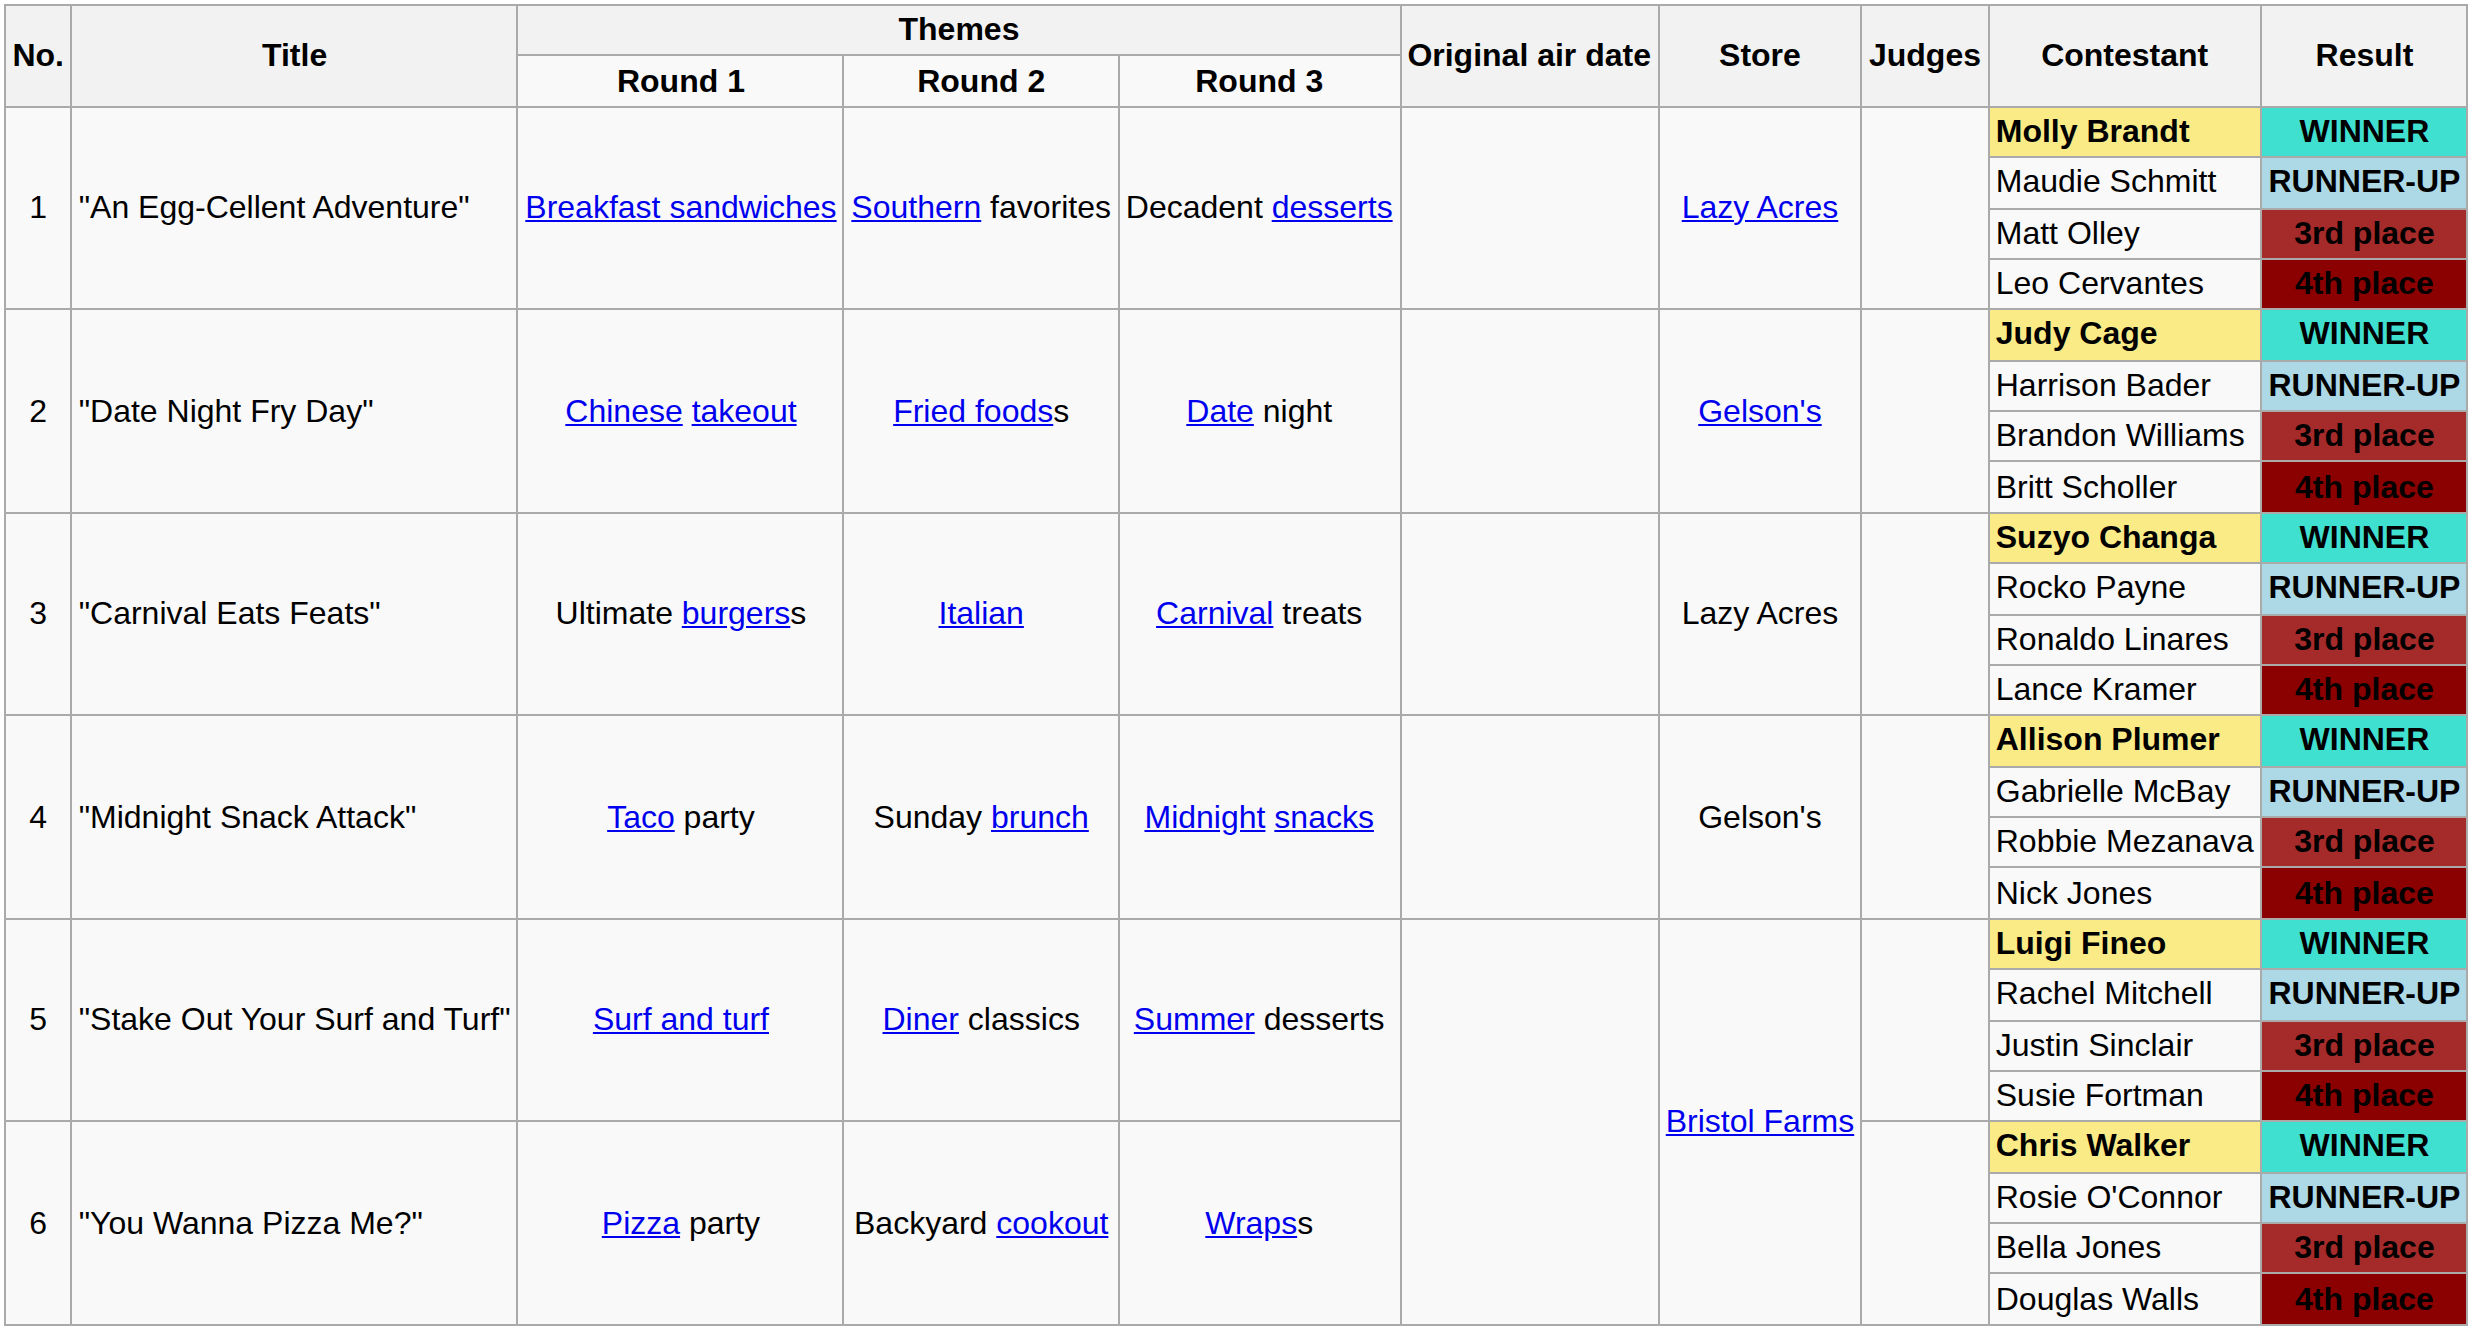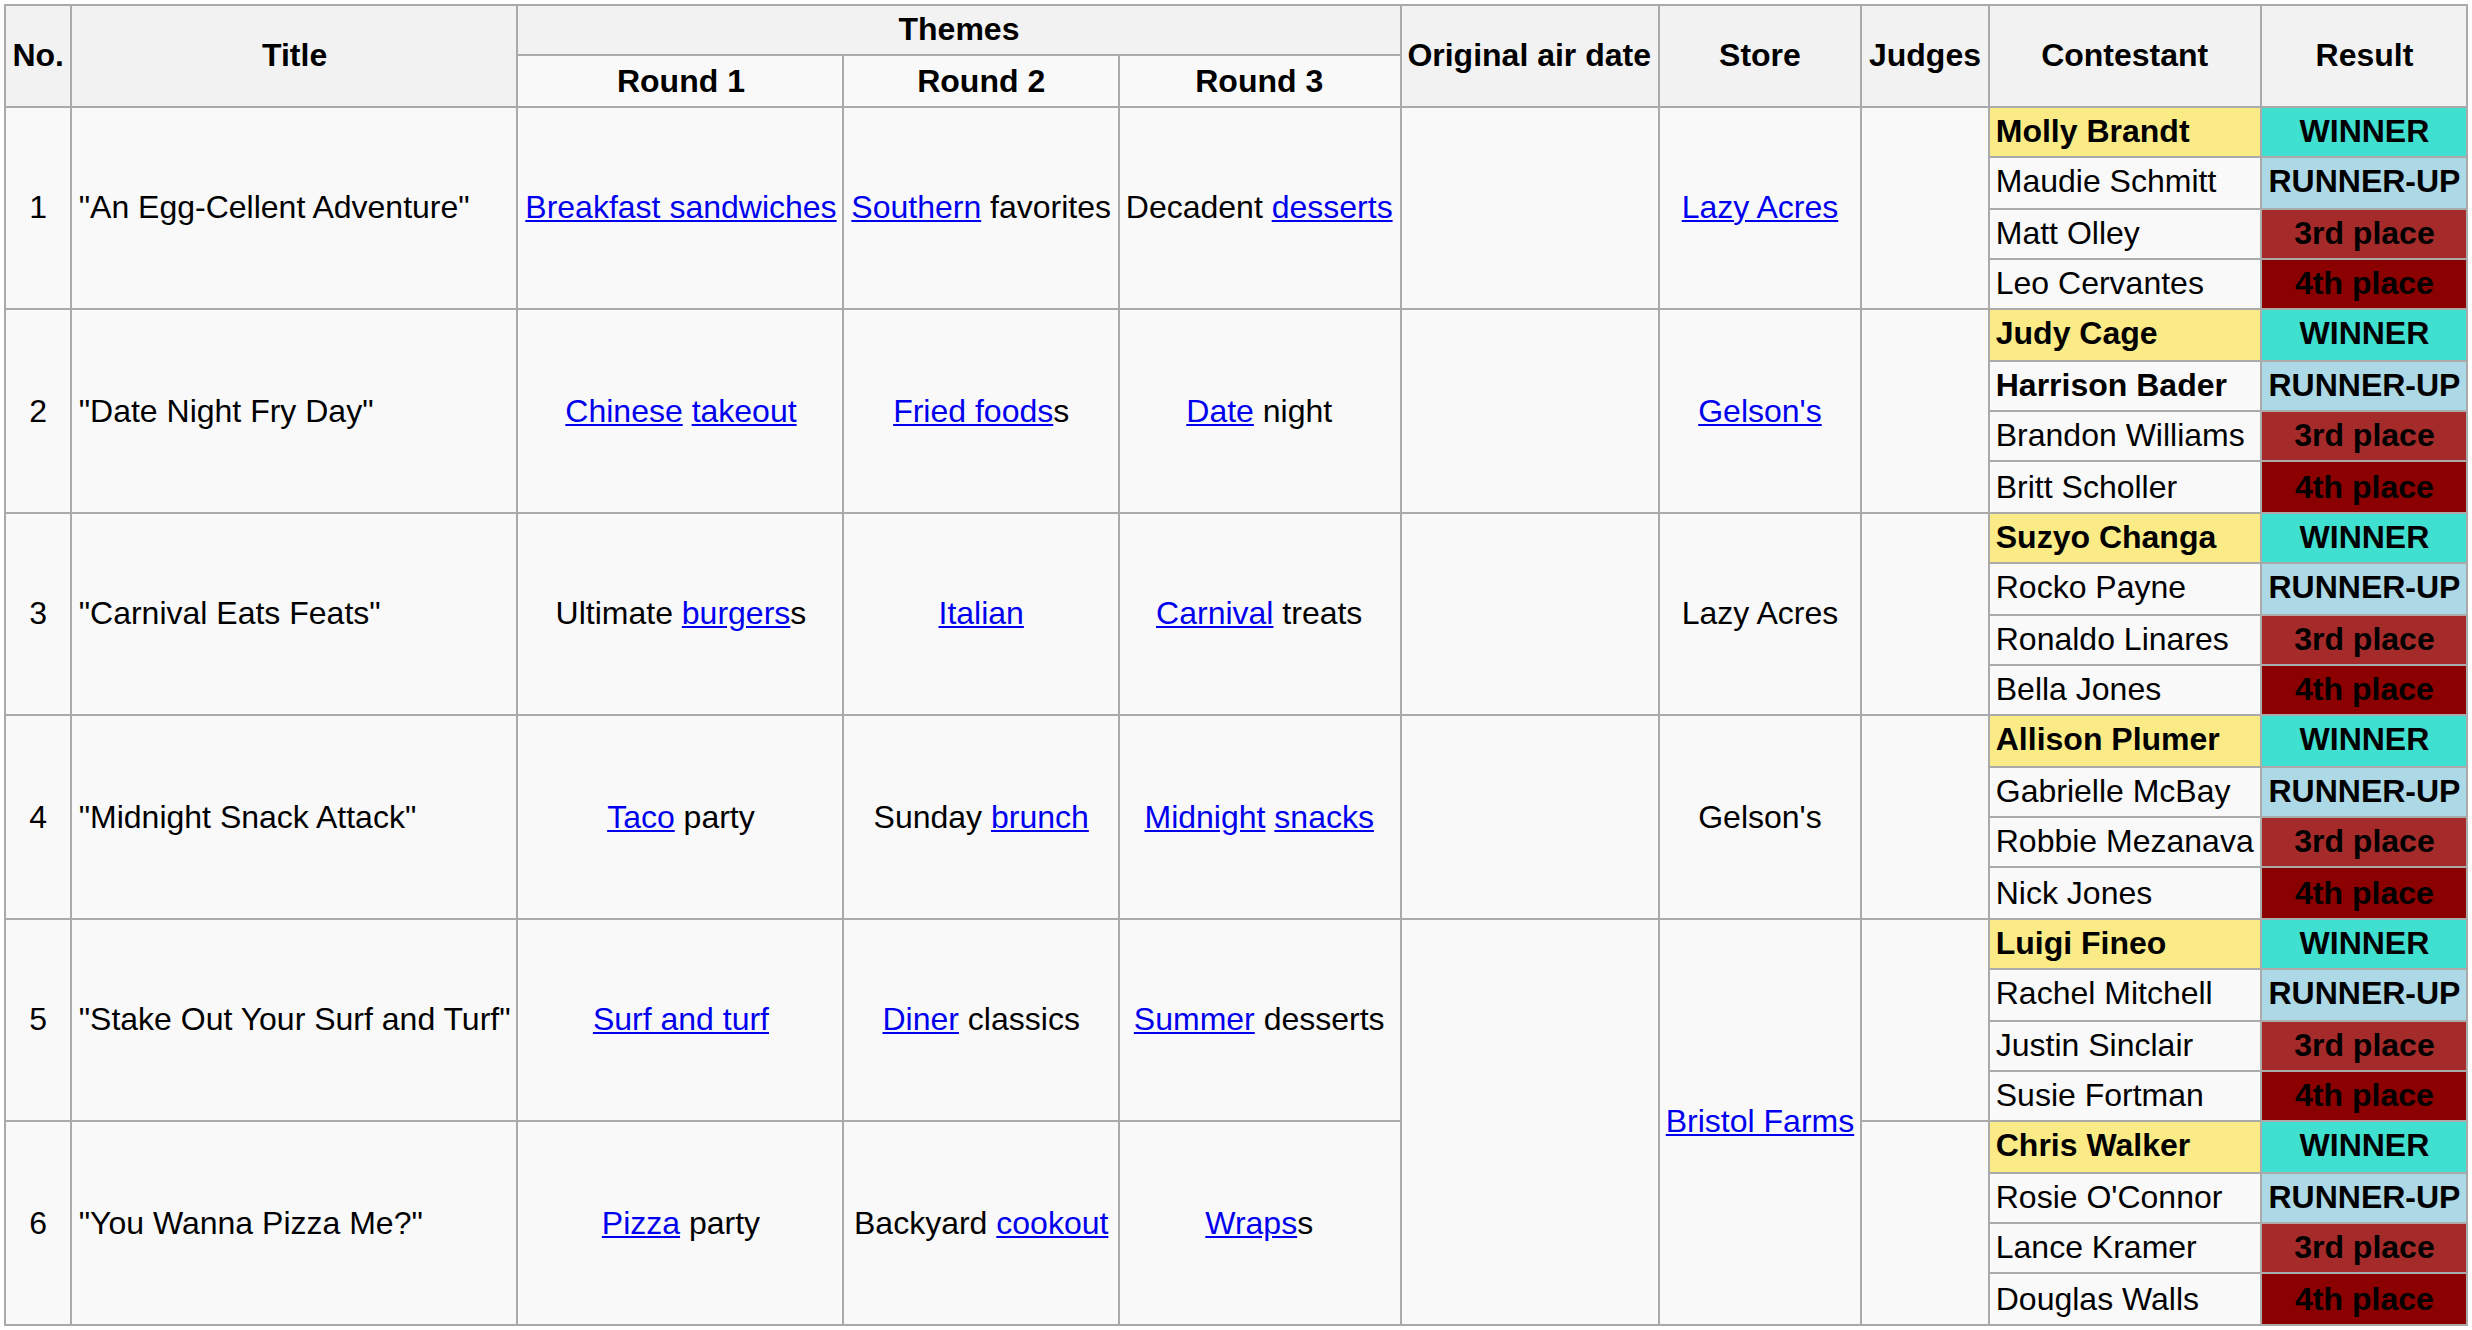 <table class="wikitable">
 <tr align=center>
 <th rowspan=2>No.</th>
 <th rowspan=2>Title</th>
 <th colspan=3>Themes</th>
 <th rowspan=2>Original air date<br></th>
 <th rowspan=2>Store </th>
 <th rowspan=2>Judges</th>
 <th rowspan=2>Contestant</th>
 <th rowspan=2>Result</th>
 </tr>
 <tr align=center>
 <td><strong>Round 1</strong></td>
 <td><strong>Round 2</strong></td>
 <td><strong>Round 3</strong></td>
 </tr>
 <tr>
 <td rowspan=4 align=center>1</td>
 <td rowspan=4>"An Egg-Cellent Adventure"</td>
 <td rowspan=4 align=center><a href='#'>Breakfast sandwiches</a></td>
 <td rowspan=4 align=center><a href='#'>Southern</a> favorites</td>
 <td rowspan=4 align=center>Decadent <a href='#'>desserts</a></td>
 <td rowspan=4 align=center valign=center><br></td>
 <td rowspan=4 align=center valign=center><a href='#'>Lazy Acres</a> </td>
 <td rowspan=4 valign=center></td>
 <td style="background:#FAEB86"><strong>Molly Brandt</strong></td>
 <td align=center valign=center style="background:turquoise;"><strong>WINNER</strong></td>
 </tr>
 <tr>
 <td>Maudie Schmitt</td>
 <td align=center valign=center style="background:lightblue;"><strong>RUNNER-UP</strong></td>
 </tr>
 <tr>
 <td>Matt Olley</td>
 <td align=center valign=center style="background:brown;"><strong>3rd place</strong></td>
 </tr>
 <tr>
 <td>Leo Cervantes</td>
 <td align=center valign=center style="background:darkred;"><strong>4th place</strong></td>
 </tr>
 <tr>
 <td rowspan=4 align=center>2</td>
 <td rowspan=4>"Date Night Fry Day"</td>
 <td rowspan=4 align=center><a href='#'>Chinese</a> <a href='#'>takeout</a></td>
 <td rowspan=4 align=center><a href='#'>Fried foods</a>s</td>
 <td rowspan=4 align=center><a href='#'>Date</a> night</td>
 <td rowspan=4 align=center valign=center></td>
 <td rowspan=4 align=center valign=center><a href='#'>Gelson's</a> </td>
 <td rowspan=4 valign=center></td>
 <td style="background:#FAEB86"><strong>Judy Cage</strong></td>
 <td align=center valign=center style="background:turquoise;"><strong>WINNER</strong></td>
 </tr>
 <tr>
-<td>Harrison Bader</td>
+<td><strong>Harrison Bader</strong></td>
 <td align=center valign=center style="background:lightblue;"><strong>RUNNER-UP</strong></td>
 </tr>
 <tr>
 <td>Brandon Williams</td>
 <td align=center valign=center style="background:brown;"><strong>3rd place</strong></td>
 </tr>
 <tr>
 <td>Britt Scholler</td>
 <td align=center valign=center style="background:darkred;"><strong>4th place</strong></td>
 </tr>
 <tr>
 <td rowspan=4 align=center>3</td>
 <td rowspan=4>"Carnival Eats Feats"</td>
 <td rowspan=4 align=center>Ultimate <a href='#'>burgers</a>s</td>
 <td rowspan=4 align=center><a href='#'>Italian</a></td>
 <td rowspan=4 align=center><a href='#'>Carnival</a> treats</td>
 <td rowspan=4 align=center valign=center></td>
 <td rowspan=4 align=center valign=center>Lazy Acres </td>
 <td rowspan=4 valign=center></td>
 <td style="background:#FAEB86"><strong>Suzyo Changa</strong></td>
 <td align=center valign=center style="background:turquoise;"><strong>WINNER</strong></td>
 </tr>
 <tr>
 <td>Rocko Payne</td>
 <td align=center valign=center style="background:lightblue;"><strong>RUNNER-UP</strong></td>
 </tr>
 <tr>
 <td>Ronaldo Linares</td>
 <td align=center valign=center style="background:brown;"><strong>3rd place</strong></td>
 </tr>
 <tr>
-<td>Lance Kramer</td>
+<td>Bella Jones</td>
 <td align=center valign=center style="background:darkred;"><strong>4th place</strong></td>
 </tr>
 <tr>
 <td rowspan=4 align=center>4</td>
 <td rowspan=4>"Midnight Snack Attack"</td>
 <td rowspan=4 align=center><a href='#'>Taco</a> party</td>
 <td rowspan=4 align=center>Sunday <a href='#'>brunch</a></td>
 <td rowspan=4 align=center><a href='#'>Midnight</a> <a href='#'>snacks</a></td>
 <td rowspan=4 align=center valign=center></td>
 <td rowspan=4 align=center valign=center>Gelson's </td>
 <td rowspan=4 valign=center></td>
 <td style="background:#FAEB86"><strong>Allison Plumer</strong></td>
 <td align=center valign=center style="background:turquoise;"><strong>WINNER</strong></td>
 </tr>
 <tr>
 <td>Gabrielle McBay</td>
 <td align=center valign=center style="background:lightblue;"><strong>RUNNER-UP</strong></td>
 </tr>
 <tr>
 <td>Robbie Mezanava</td>
 <td align=center valign=center style="background:brown;"><strong>3rd place</strong></td>
 </tr>
 <tr>
 <td>Nick Jones</td>
 <td align=center valign=center style="background:darkred;"><strong>4th place</strong></td>
 </tr>
 <tr>
 <td rowspan=4 align=center>5</td>
 <td rowspan=4>"Stake Out Your Surf and Turf"</td>
 <td rowspan=4 align=center><a href='#'>Surf and turf</a></td>
 <td rowspan=4 align=center><a href='#'>Diner</a> classics</td>
 <td rowspan=4 align=center><a href='#'>Summer</a> desserts</td>
 <td rowspan=8 align=center valign=center></td>
 <td rowspan=8 align=center valign=center><a href='#'>Bristol Farms</a> </td>
 <td rowspan=4 valign=center></td>
 <td style="background:#FAEB86"><strong>Luigi Fineo</strong></td>
 <td align=center valign=center style="background:turquoise;"><strong>WINNER</strong></td>
 </tr>
 <tr>
 <td>Rachel Mitchell</td>
 <td align=center valign=center style="background:lightblue;"><strong>RUNNER-UP</strong></td>
 </tr>
 <tr>
 <td>Justin Sinclair</td>
 <td align=center valign=center style="background:brown;"><strong>3rd place</strong></td>
 </tr>
 <tr>
 <td>Susie Fortman</td>
 <td align=center valign=center style="background:darkred;"><strong>4th place</strong></td>
 </tr>
 <tr>
 <td rowspan=4 align=center>6</td>
 <td rowspan=4>"You Wanna Pizza Me?"</td>
 <td rowspan=4 align=center><a href='#'>Pizza</a> party</td>
 <td rowspan=4 align=center>Backyard <a href='#'>cookout</a></td>
 <td rowspan=4 align=center><a href='#'>Wraps</a>s</td>
 <td rowspan=4 valign=center></td>
 <td style="background:#FAEB86"><strong>Chris Walker</strong></td>
 <td align=center valign=center style="background:turquoise;"><strong>WINNER</strong></td>
 </tr>
 <tr>
 <td>Rosie O'Connor</td>
 <td align=center valign=center style="background:lightblue;"><strong>RUNNER-UP</strong></td>
 </tr>
 <tr>
-<td>Bella Jones</td>
+<td>Lance Kramer</td>
 <td align=center valign=center style="background:brown;"><strong>3rd place</strong></td>
 </tr>
 <tr>
 <td>Douglas Walls</td>
 <td align=center valign=center style="background:darkred;"><strong>4th place</strong></td>
 </tr>
 </table>
